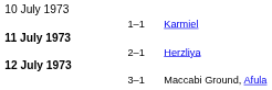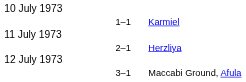 <table style="width:100%;" cellspacing="1">
 <tr>
 <th width=25%></th>
 <th width=10%></th>
 <th></th>
 </tr>
 <tr>
 <td>10 July 1973</td>
 </tr>
 <tr style=font-size:90%>
 <td align=right></td>
 <td align=center>1–1</td>
 <td></td>
 <td><a href='#'>Karmiel</a></td>
 </tr>
 <tr>
-<td><strong>11 July 1973</strong></td>
+<td>11 July 1973</td>
 </tr>
 <tr style=font-size:90%>
 <td align=right></td>
 <td align=center>2–1</td>
 <td></td>
 <td><a href='#'>Herzliya</a></td>
 </tr>
 <tr>
-<td><strong>12 July 1973</strong></td>
+<td>12 July 1973</td>
 </tr>
 <tr style=font-size:90%>
 <td align=right></td>
 <td align=center>3–1</td>
 <td></td>
 <td>Maccabi Ground, <a href='#'>Afula</a></td>
 </tr>
 </table>
